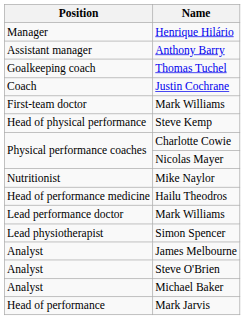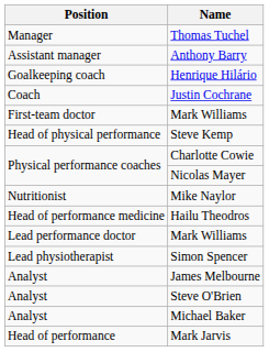 <table class="wikitable">
 <tr>
 <th>Position</th>
 <th>Name</th>
 </tr>
 <tr>
 <td>Manager</td>
-<td> <a href='#'>Henrique Hilário</a></td>
+<td> <a href='#'>Thomas Tuchel</a></td>
 </tr>
 <tr>
 <td>Assistant manager</td>
 <td> <a href='#'>Anthony Barry</a></td>
 </tr>
 <tr>
 <td>Goalkeeping coach</td>
-<td> <a href='#'>Thomas Tuchel</a></td>
+<td> <a href='#'>Henrique Hilário</a></td>
 </tr>
 <tr>
 <td>Coach</td>
 <td> <a href='#'>Justin Cochrane</a></td>
 </tr>
 <tr>
 <td>First-team doctor</td>
 <td> Mark Williams</td>
 </tr>
 <tr>
 <td>Head of physical performance</td>
 <td> Steve Kemp</td>
 </tr>
 <tr>
 <td rowspan="2">Physical performance coaches</td>
 <td> Charlotte Cowie</td>
 </tr>
 <tr>
 <td> Nicolas Mayer</td>
 </tr>
 <tr>
 <td>Nutritionist</td>
 <td> Mike Naylor</td>
 </tr>
 <tr>
 <td>Head of performance medicine</td>
 <td> Hailu Theodros</td>
 </tr>
 <tr>
 <td>Lead performance doctor</td>
 <td> Mark Williams</td>
 </tr>
 <tr>
 <td>Lead physiotherapist</td>
 <td> Simon Spencer</td>
 </tr>
 <tr>
 <td>Analyst</td>
 <td> James Melbourne</td>
 </tr>
 <tr>
 <td>Analyst</td>
 <td> Steve O'Brien</td>
 </tr>
 <tr>
 <td>Analyst</td>
 <td> Michael Baker</td>
 </tr>
 <tr>
 <td>Head of performance</td>
 <td> Mark Jarvis</td>
 </tr>
 </table>
